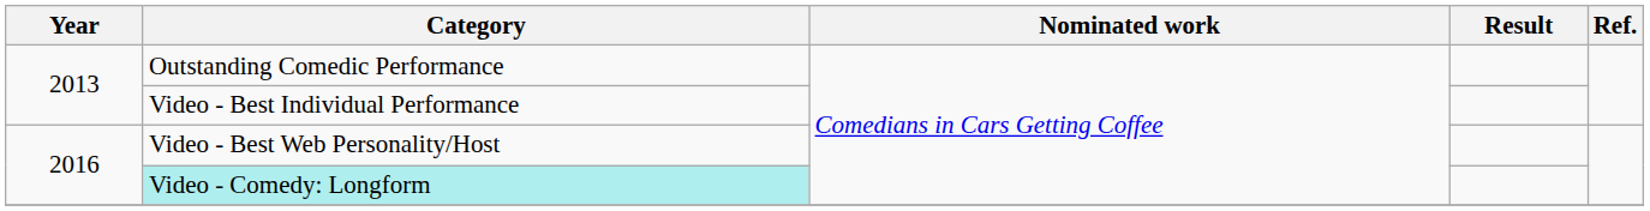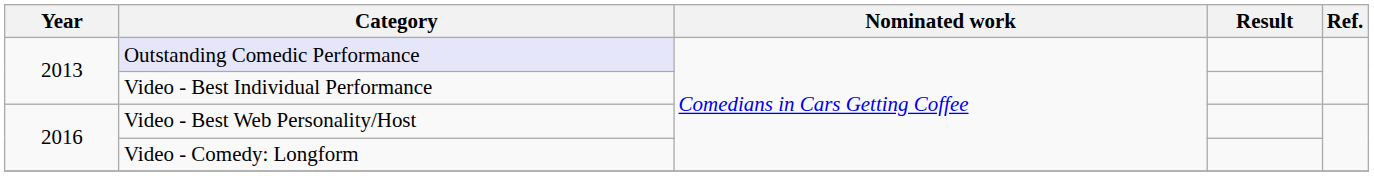 <table class=wikitable>
 <tr>
 <th scope="col" style="width:5em;">Year</th>
 <th scope="col" style="width:26em;">Category</th>
 <th scope="col" style="width:25em;">Nominated work</th>
 <th scope="col" style="width:5em;">Result</th>
 <th>Ref.</th>
 </tr>
 <tr>
 <td style="text-align:center;", rowspan=2>2013</td>
-<td>Outstanding Comedic Performance</td>
+<td style="background: lavender;">Outstanding Comedic Performance</td>
 <td rowspan=4><em><a href='#'>Comedians in Cars Getting Coffee</a></em></td>
 <td></td>
 <td rowspan=2></td>
 </tr>
 <tr>
 <td>Video - Best Individual Performance</td>
 <td></td>
 </tr>
 <tr>
 <td style="text-align:center;", rowspan=2>2016</td>
 <td>Video - Best Web Personality/Host</td>
 <td></td>
 <td rowspan=2></td>
 </tr>
 <tr>
-<td style="background: paleturquoise;">Video - Comedy: Longform</td>
+<td>Video - Comedy: Longform</td>
 <td></td>
 </tr>
 <tr>
 </tr>
 </table>
